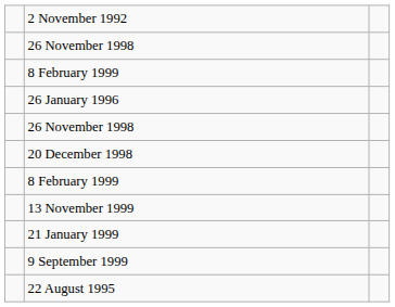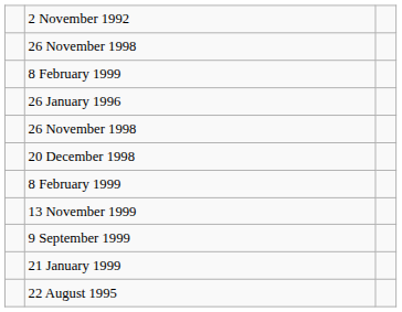 <table class="wikitable" style="font-size: 89%; float: left; width: 28em; margin-right: 1em; height: 308px;">
 <tr>
 <td></td>
 <td>2 November 1992</td>
 <td></td>
 </tr>
 <tr>
 <td></td>
 <td>26 November 1998</td>
 <td></td>
 </tr>
 <tr>
 <td></td>
 <td>8 February 1999</td>
 <td></td>
 </tr>
 <tr>
 <td></td>
 <td>26 January 1996</td>
 <td></td>
 </tr>
 <tr>
 <td></td>
 <td>26 November 1998</td>
 <td></td>
 </tr>
 <tr>
 <td></td>
 <td>20 December 1998</td>
 <td></td>
 </tr>
 <tr>
 <td></td>
 <td>8 February 1999</td>
 <td></td>
 </tr>
 <tr>
 <td></td>
 <td>13 November 1999</td>
 <td></td>
 </tr>
 <tr>
 <td></td>
-<td>21 January 1999</td>
+<td>9 September 1999</td>
 <td></td>
 </tr>
 <tr>
 <td></td>
-<td>9 September 1999</td>
+<td>21 January 1999</td>
 <td></td>
 </tr>
 <tr>
 <td></td>
 <td>22 August 1995</td>
 <td></td>
 </tr>
 </table>
